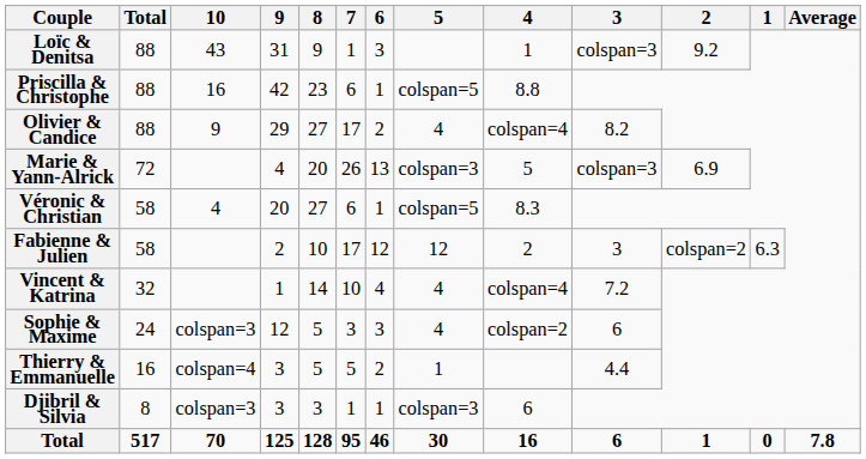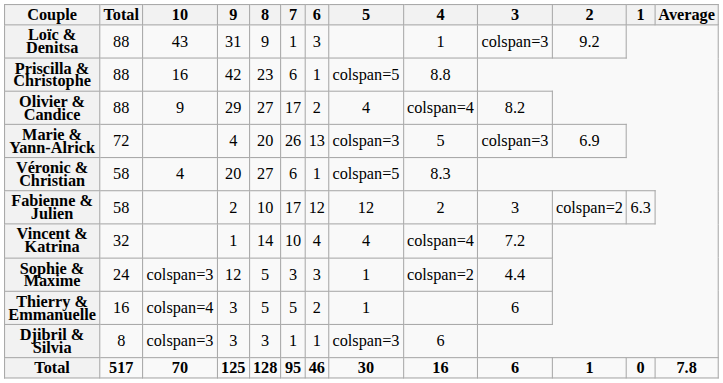 <table class="wikitable sortable collapsible" style="margin:auto; font-size:95%; line-height:12px; text-align:center">
 <tr>
 <th>Couple</th>
 <th>Total</th>
 <th>10</th>
 <th>9</th>
 <th>8</th>
 <th>7</th>
 <th>6</th>
 <th>5</th>
 <th>4</th>
 <th>3</th>
 <th>2</th>
 <th>1</th>
 <th>Average</th>
 </tr>
 <tr>
 <th>Loïc & Denitsa</th>
 <td>88</td>
 <td>43</td>
 <td>31</td>
 <td>9</td>
 <td>1</td>
 <td>3</td>
 <td></td>
 <td>1</td>
 <td>colspan=3 </td>
 <td>9.2</td>
 </tr>
 <tr>
 <th>Priscilla & Christophe</th>
 <td>88</td>
 <td>16</td>
 <td>42</td>
 <td>23</td>
 <td>6</td>
 <td>1</td>
 <td>colspan=5 </td>
 <td>8.8</td>
 </tr>
 <tr>
 <th>Olivier & Candice</th>
 <td>88</td>
 <td>9</td>
 <td>29</td>
 <td>27</td>
 <td>17</td>
 <td>2</td>
 <td>4</td>
 <td>colspan=4 </td>
 <td>8.2</td>
 </tr>
 <tr>
 <th>Marie & Yann-Alrick</th>
 <td>72</td>
 <td></td>
 <td>4</td>
 <td>20</td>
 <td>26</td>
 <td>13</td>
 <td>colspan=3 </td>
 <td>5</td>
 <td>colspan=3 </td>
 <td>6.9</td>
 </tr>
 <tr>
 <th>Véronic & Christian</th>
 <td>58</td>
 <td>4</td>
 <td>20</td>
 <td>27</td>
 <td>6</td>
 <td>1</td>
 <td>colspan=5 </td>
 <td>8.3</td>
 </tr>
 <tr>
 <th>Fabienne & Julien</th>
 <td>58</td>
 <td></td>
 <td>2</td>
 <td>10</td>
 <td>17</td>
 <td>12</td>
 <td>12</td>
 <td>2</td>
 <td>3</td>
 <td>colspan=2 </td>
 <td>6.3</td>
 </tr>
 <tr>
 <th>Vincent & Katrina</th>
 <td>32</td>
 <td></td>
 <td>1</td>
 <td>14</td>
 <td>10</td>
 <td>4</td>
 <td>4</td>
 <td>colspan=4 </td>
 <td>7.2</td>
 </tr>
 <tr>
 <th>Sophie & Maxime</th>
 <td>24</td>
 <td>colspan=3 </td>
 <td>12</td>
 <td>5</td>
 <td>3</td>
 <td>3</td>
-<td>4</td>
+<td>1</td>
 <td>colspan=2 </td>
-<td>6</td>
+<td>4.4</td>
 </tr>
 <tr>
 <th>Thierry & Emmanuelle</th>
 <td>16</td>
 <td>colspan=4 </td>
 <td>3</td>
 <td>5</td>
 <td>5</td>
 <td>2</td>
 <td>1</td>
 <td></td>
-<td>4.4</td>
+<td>6</td>
 </tr>
 <tr>
 <th>Djibril & Silvia</th>
 <td>8</td>
 <td>colspan=3 </td>
 <td>3</td>
 <td>3</td>
 <td>1</td>
 <td>1</td>
 <td>colspan=3 </td>
 <td>6</td>
 </tr>
 <tr>
 <th>Total</th>
 <td><strong>517</strong></td>
 <td><strong>70</strong></td>
 <td><strong>125</strong></td>
 <td><strong>128</strong></td>
 <td><strong>95</strong></td>
 <td><strong>46</strong></td>
 <td><strong>30</strong></td>
 <td><strong>16</strong></td>
 <td><strong>6</strong></td>
 <td><strong>1</strong></td>
 <td><strong>0</strong></td>
 <td><strong>7.8</strong></td>
 </tr>
 </table>
